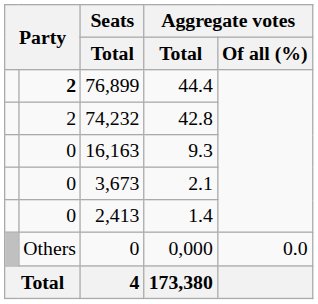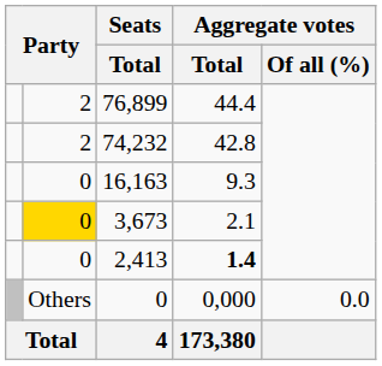 <table class="wikitable" style="text-align:right; font-size:95%;">
 <tr>
 <th colspan="2" rowspan="2">Party</th>
 <th>Seats</th>
 <th colspan="2">Aggregate votes</th>
 </tr>
 <tr>
 <th>Total</th>
 <th>Total</th>
 <th>Of all (%)</th>
 </tr>
 <tr>
 <td></td>
-<td><strong>2</strong></td>
+<td>2</td>
 <td>76,899</td>
 <td>44.4</td>
 </tr>
 <tr>
 <td></td>
 <td>2</td>
 <td>74,232</td>
 <td>42.8</td>
 </tr>
 <tr>
 <td></td>
 <td>0</td>
 <td>16,163</td>
 <td>9.3</td>
 </tr>
 <tr>
 <td></td>
-<td>0</td>
+<td style="background: gold;">0</td>
 <td>3,673</td>
 <td>2.1</td>
 </tr>
 <tr>
 <td></td>
 <td>0</td>
 <td>2,413</td>
-<td>1.4</td>
+<td><strong>1.4</strong></td>
 </tr>
 <tr>
 <td style="background:silver;"> </td>
 <td align=left>Others</td>
 <td>0</td>
 <td>0,000</td>
 <td>0.0</td>
 </tr>
 <tr>
 <th colspan="2" style="background:#f2f2f2"><strong>Total</strong></th>
 <td style="background:#f2f2f2;"><strong>4</strong></td>
 <td style="background:#f2f2f2;"><strong>173,380</strong></td>
 <td style="background:#f2f2f2;"></td>
 </tr>
 </table>
